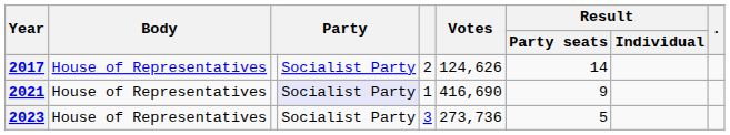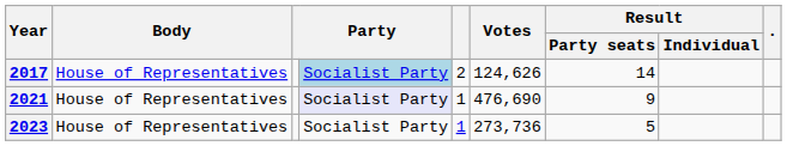 <table class="wikitable plainrowheaders sortable" border=2 cellpadding=4 cellspacing=0 style="border: 1px #aaa solid; font-size: 90%; text-align:center;">
 <tr>
 <th scope="col" rowspan=2>Year</th>
 <th scope="col" rowspan=2>Body</th>
 <th scope="col" colspan=2 rowspan=2>Party</th>
 <th scope="col" rowspan=2></th>
 <th scope="col" rowspan=2>Votes</th>
 <th scope="colgroup" colspan=2>Result</th>
 <th scope="col" rowspan=2 class="unsortable">.</th>
 </tr>
 <tr>
 <th scope="col">Party seats</th>
 <th scope="col">Individual</th>
 </tr>
 <tr>
 <th scope="row"><a href='#'>2017</a></th>
 <td><a href='#'>House of Representatives</a></td>
 <td style="background-color:"></td>
-<td><a href='#'>Socialist Party</a></td>
+<td style="background: lightblue;"><a href='#'>Socialist Party</a></td>
 <td style=text-align:right>2</td>
 <td style=text-align:right>124,626</td>
 <td style=text-align:right>14</td>
 <td></td>
 <td></td>
 </tr>
 <tr>
 <th scope="row"><a href='#'>2021</a></th>
 <td>House of Representatives</td>
 <td style="background-color:"></td>
 <td style="background: lavender;">Socialist Party</td>
 <td style=text-align:right>1</td>
-<td style=text-align:right>416,690</td>
+<td style=text-align:right>476,690</td>
 <td style=text-align:right>9</td>
 <td></td>
 <td></td>
 </tr>
 <tr>
 <th scope="row"><a href='#'>2023</a></th>
 <td>House of Representatives</td>
 <td style="background-color:"></td>
 <td>Socialist Party</td>
-<td style=text-align:right><a href='#'>3</a></td>
+<td style=text-align:right><a href='#'>1</a></td>
 <td style=text-align:right>273,736</td>
 <td style=text-align:right>5</td>
 <td></td>
 <td></td>
 </tr>
 </table>
